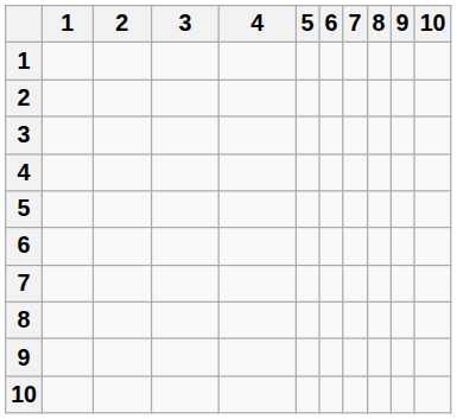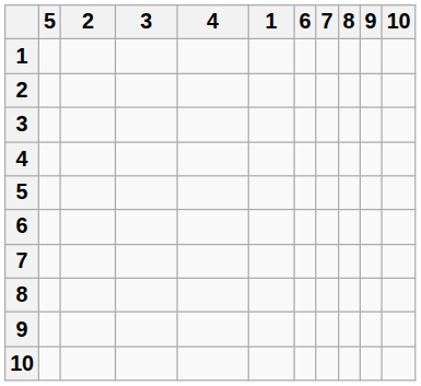 <table class="wikitable">
 <tr>
 <th></th>
-<th width="27">1</th>
+<th>5</th>
 <th width="33">2</th>
 <th width="39">3</th>
 <th width="45">4</th>
-<th>5</th>
+<th width="27">1</th>
 <th>6</th>
 <th>7</th>
 <th>8</th>
 <th>9</th>
 <th>10</th>
 </tr>
 <tr>
 <th>1</th>
 <td></td>
 <td></td>
 <td></td>
 <td></td>
 <td></td>
 <td></td>
 <td></td>
 <td></td>
 <td></td>
 <td></td>
 </tr>
 <tr>
 <th>2</th>
 <td></td>
 <td></td>
 <td></td>
 <td></td>
 <td></td>
 <td></td>
 <td></td>
 <td></td>
 <td></td>
 <td></td>
 </tr>
 <tr>
 <th>3</th>
 <td></td>
 <td></td>
 <td></td>
 <td></td>
 <td></td>
 <td></td>
 <td></td>
 <td></td>
 <td></td>
 <td></td>
 </tr>
 <tr>
 <th>4</th>
 <td></td>
 <td></td>
 <td></td>
 <td></td>
 <td></td>
 <td></td>
 <td></td>
 <td></td>
 <td></td>
 <td></td>
 </tr>
 <tr>
 <th>5</th>
 <td></td>
 <td></td>
 <td></td>
 <td></td>
 <td></td>
 <td></td>
 <td></td>
 <td></td>
 <td></td>
 <td></td>
 </tr>
 <tr>
 <th>6</th>
 <td></td>
 <td></td>
 <td></td>
 <td></td>
 <td></td>
 <td></td>
 <td></td>
 <td></td>
 <td></td>
 <td></td>
 </tr>
 <tr>
 <th>7</th>
 <td></td>
 <td></td>
 <td></td>
 <td></td>
 <td></td>
 <td></td>
 <td></td>
 <td></td>
 <td></td>
 <td></td>
 </tr>
 <tr>
 <th>8</th>
 <td></td>
 <td></td>
 <td></td>
 <td></td>
 <td></td>
 <td></td>
 <td></td>
 <td></td>
 <td></td>
 <td></td>
 </tr>
 <tr>
 <th>9</th>
 <td></td>
 <td></td>
 <td></td>
 <td></td>
 <td></td>
 <td></td>
 <td></td>
 <td></td>
 <td></td>
 <td></td>
 </tr>
 <tr>
 <th>10</th>
 <td></td>
 <td></td>
 <td></td>
 <td></td>
 <td></td>
 <td></td>
 <td></td>
 <td></td>
 <td></td>
 <td></td>
 </tr>
 </table>
